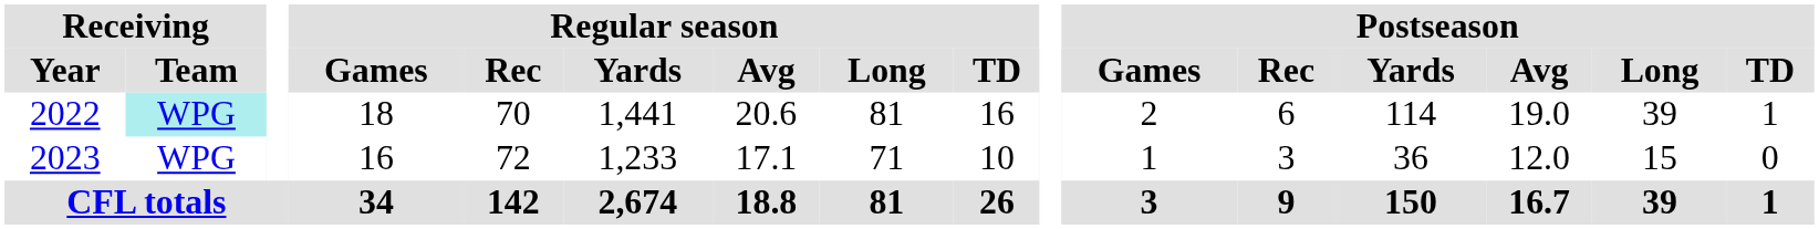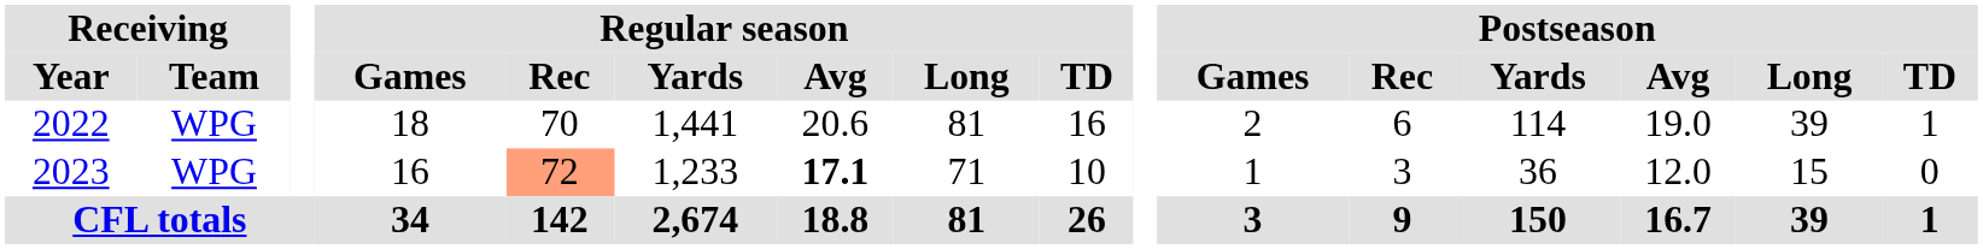 <table BORDER="0" CELLPADDING="1" CELLSPACING="0" width="65%" style="text-align:center">
 <tr bgcolor="#e0e0e0">
 <th colspan="2">Receiving</th>
 <th rowspan="99" bgcolor="#ffffff"> </th>
 <th colspan="6">Regular season</th>
 <th rowspan="99" bgcolor="#ffffff"> </th>
 <th colspan="6">Postseason</th>
 </tr>
 <tr bgcolor="#e0e0e0">
 <th>Year</th>
 <th>Team</th>
 <th>Games</th>
 <th>Rec</th>
 <th>Yards</th>
 <th>Avg</th>
 <th>Long</th>
 <th>TD</th>
 <th>Games</th>
 <th>Rec</th>
 <th>Yards</th>
 <th>Avg</th>
 <th>Long</th>
 <th>TD</th>
 </tr>
 <tr ALIGN="center">
 <td><a href='#'>2022</a></td>
-<td style="background: paleturquoise;"><a href='#'>WPG</a></td>
+<td><a href='#'>WPG</a></td>
 <td>18</td>
 <td>70</td>
 <td>1,441</td>
 <td>20.6</td>
 <td>81</td>
 <td>16</td>
 <td>2</td>
 <td>6</td>
 <td>114</td>
 <td>19.0</td>
 <td>39</td>
 <td>1</td>
 </tr>
 <tr ALIGN="center">
 <td><a href='#'>2023</a></td>
 <td><a href='#'>WPG</a></td>
 <td>16</td>
-<td>72</td>
+<td style="background: lightsalmon;">72</td>
 <td>1,233</td>
-<td>17.1</td>
+<td><strong>17.1</strong></td>
 <td>71</td>
 <td>10</td>
 <td>1</td>
 <td>3</td>
 <td>36</td>
 <td>12.0</td>
 <td>15</td>
 <td>0</td>
 </tr>
 <tr bgcolor="#e0e0e0">
 <th colspan="3"><a href='#'>CFL totals</a></th>
 <th>34</th>
 <th>142</th>
 <th>2,674</th>
 <th>18.8</th>
 <th>81</th>
 <th>26</th>
 <th>3</th>
 <th>9</th>
 <th>150</th>
 <th>16.7</th>
 <th>39</th>
 <th>1</th>
 </tr>
 </table>
